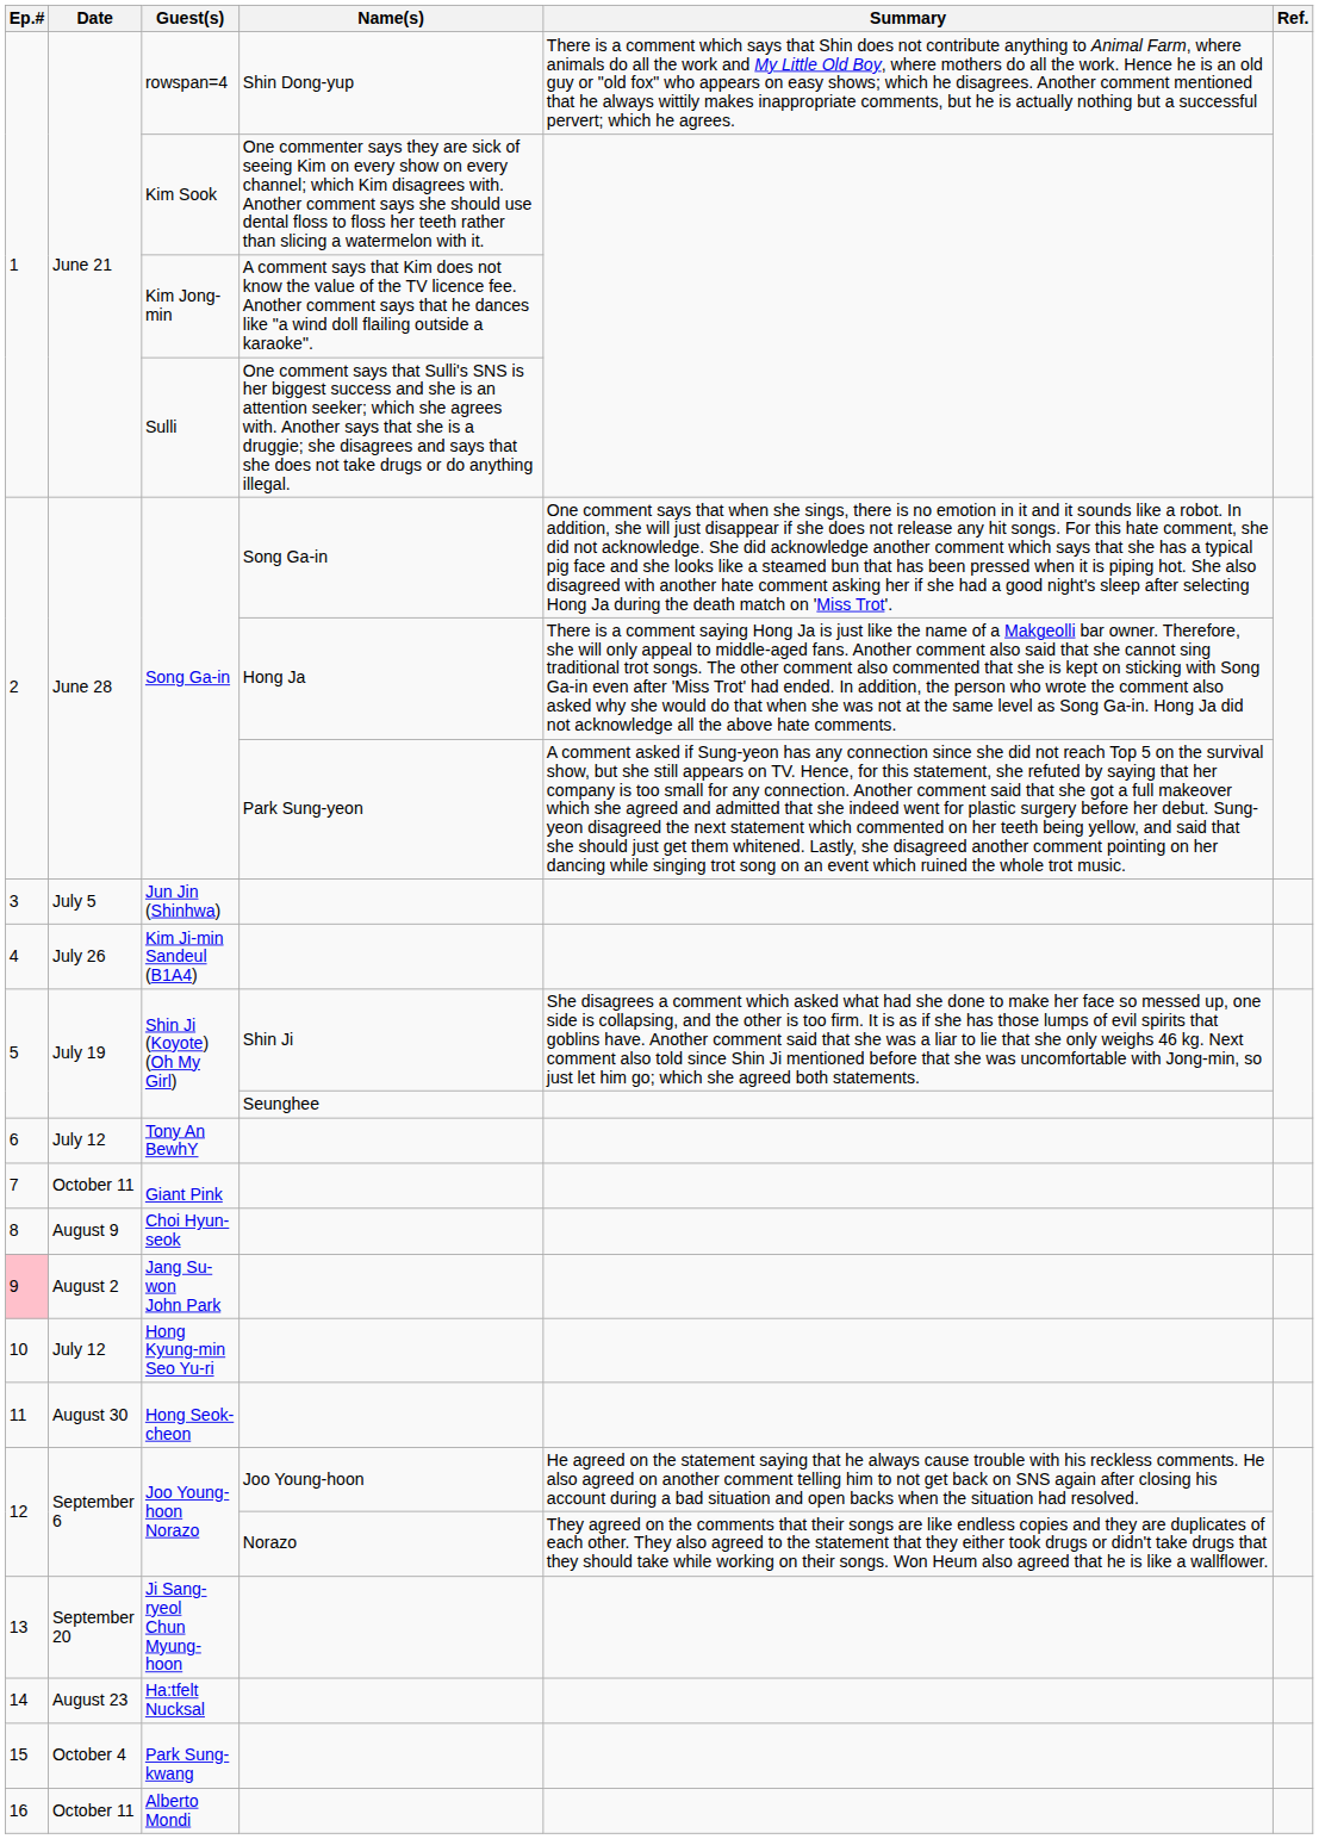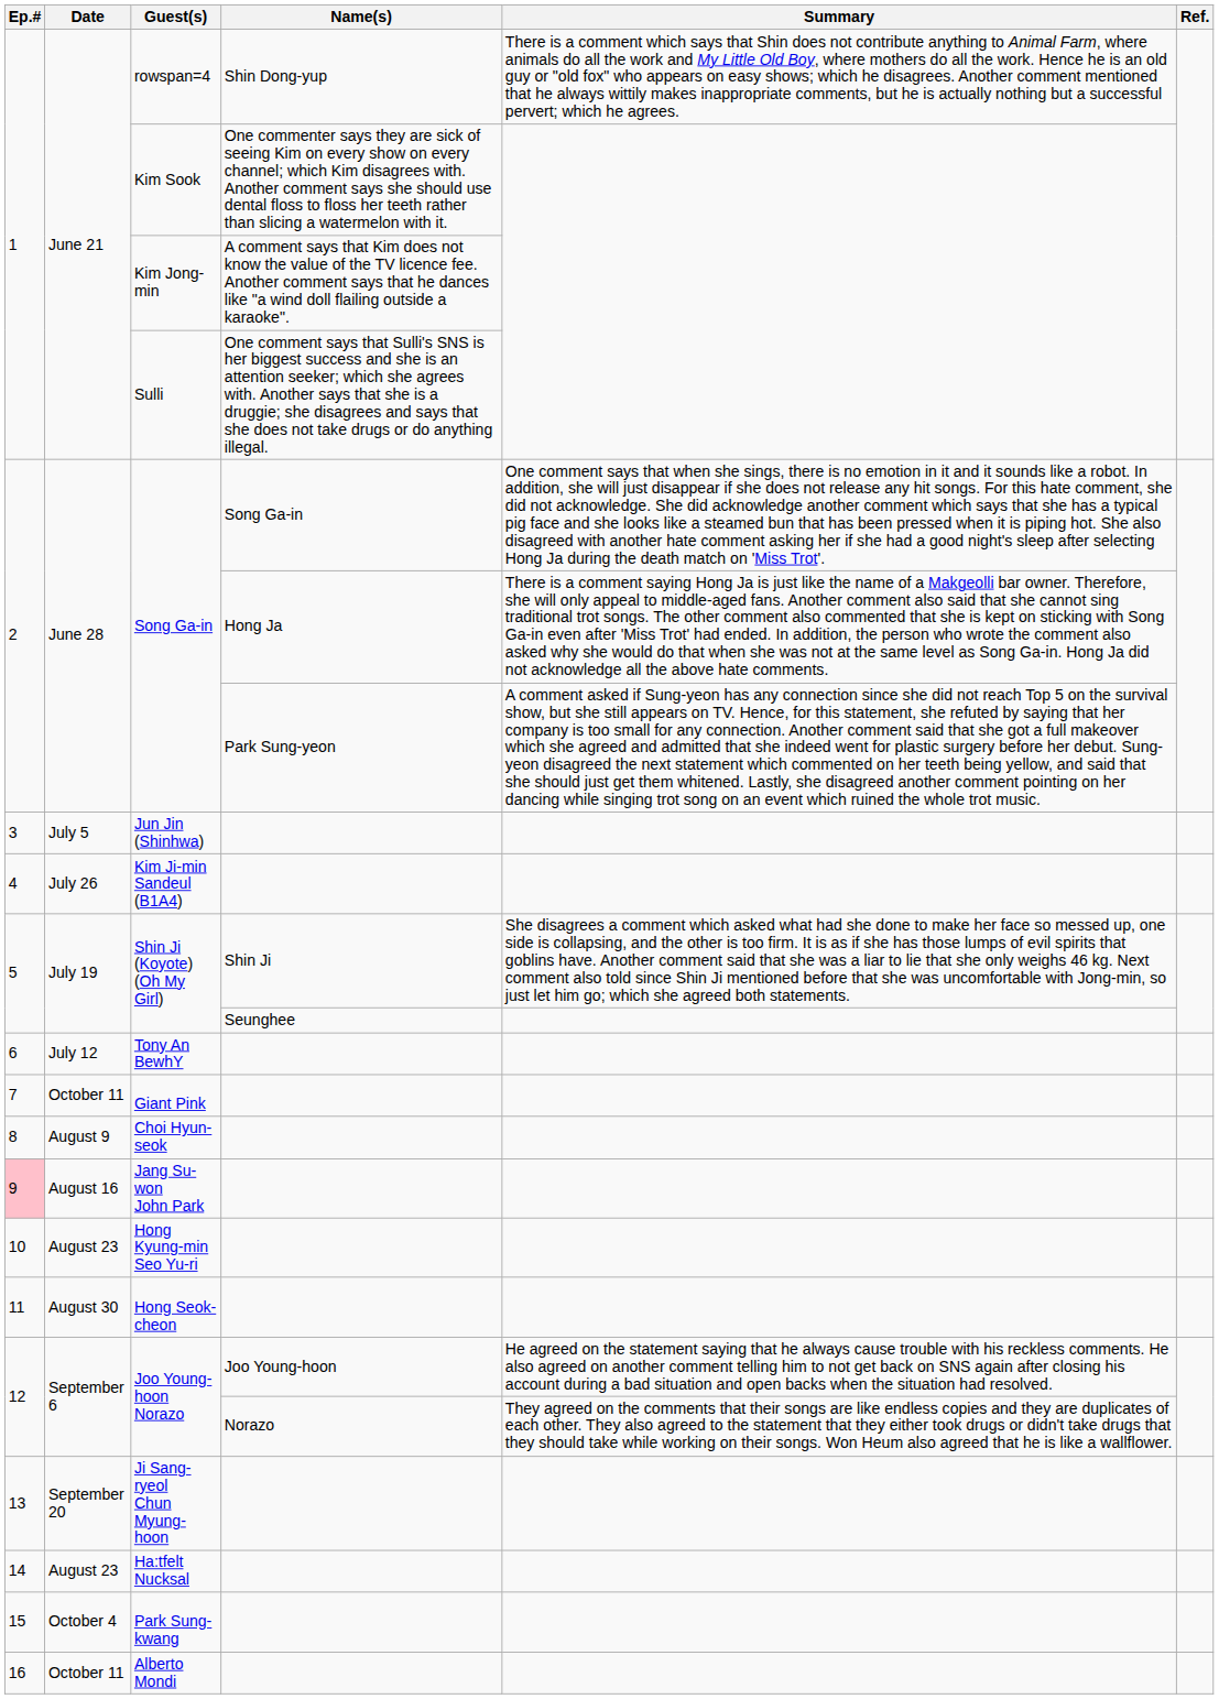 <table class="wikitable">
 <tr>
 <th>Ep.#</th>
 <th>Date</th>
 <th>Guest(s)</th>
 <th>Name(s)</th>
 <th>Summary</th>
 <th>Ref.</th>
 </tr>
 <tr>
 <td rowspan=4>1</td>
 <td rowspan=4>June 21</td>
 <td>rowspan=4 </td>
 <td>Shin Dong-yup</td>
 <td>There is a comment which says that Shin does not contribute anything to <em>Animal Farm</em>, where animals do all the work and <em><a href='#'>My Little Old Boy</a></em>, where mothers do all the work. Hence he is an old guy or "old fox" who appears on easy shows; which he disagrees. Another comment mentioned that he always wittily makes inappropriate comments, but he is actually nothing but a successful pervert; which he agrees.</td>
 <td rowspan=4></td>
 </tr>
 <tr>
 <td>Kim Sook</td>
 <td>One commenter says they are sick of seeing Kim on every show on every channel; which Kim disagrees with. Another comment says she should use dental floss to floss her teeth rather than slicing a watermelon with it.</td>
 </tr>
 <tr>
 <td>Kim Jong-min</td>
 <td>A comment says that Kim does not know the value of the TV licence fee. Another comment says that he dances like "a wind doll flailing outside a karaoke".</td>
 </tr>
 <tr>
 <td>Sulli</td>
 <td>One comment says that Sulli's SNS is her biggest success and she is an attention seeker; which she agrees with. Another says that she is a druggie; she disagrees and says that she does not take drugs or do anything illegal.</td>
 </tr>
 <tr>
 <td rowspan=3>2</td>
 <td rowspan=3>June 28</td>
 <td rowspan=3><a href='#'>Song Ga-in</a><br><br></td>
 <td>Song Ga-in</td>
 <td>One comment says that when she sings, there is no emotion in it and it sounds like a robot. In addition, she will just disappear if she does not release any hit songs. For this hate comment, she did not acknowledge. She did acknowledge another comment which says that she has a typical pig face and she looks like a steamed bun that has been pressed when it is piping hot. She also disagreed with another hate comment asking her if she had a good night's sleep after selecting Hong Ja during the death match on '<a href='#'>Miss Trot</a>'.</td>
 <td rowspan=3></td>
 </tr>
 <tr>
 <td>Hong Ja</td>
 <td>There is a comment saying Hong Ja is just like the name of a <a href='#'>Makgeolli</a> bar owner. Therefore, she will only appeal to middle-aged fans. Another comment also said that she cannot sing traditional trot songs. The other comment also commented that she is kept on sticking with Song Ga-in even after 'Miss Trot' had ended. In addition, the person who wrote the comment also asked why she would do that when she was not at the same level as Song Ga-in. Hong Ja did not acknowledge all the above hate comments.</td>
 </tr>
 <tr>
 <td>Park Sung-yeon</td>
 <td>A comment asked if Sung-yeon has any connection since she did not reach Top 5 on the survival show, but she still appears on TV. Hence, for this statement, she refuted by saying that her company is too small for any connection. Another comment said that she got a full makeover which she agreed and admitted that she indeed went for plastic surgery before her debut. Sung-yeon disagreed the next statement which commented on her teeth being yellow, and said that she should just get them whitened. Lastly, she disagreed another comment pointing on her dancing while singing trot song on an event which ruined the whole trot music.</td>
 </tr>
 <tr>
 <td>3</td>
 <td>July 5</td>
 <td><a href='#'>Jun Jin</a> (<a href='#'>Shinhwa</a>)<br></td>
 <td></td>
 <td></td>
 <td></td>
 </tr>
 <tr>
 <td>4</td>
 <td>July 26</td>
 <td><a href='#'>Kim Ji-min</a><br><a href='#'>Sandeul</a> (<a href='#'>B1A4</a>)</td>
 <td></td>
 <td></td>
 <td></td>
 </tr>
 <tr>
 <td rowspan=2>5</td>
 <td rowspan=2>July 19</td>
 <td rowspan=2><a href='#'>Shin Ji</a> (<a href='#'>Koyote</a>)<br> (<a href='#'>Oh My Girl</a>)</td>
 <td>Shin Ji</td>
 <td>She disagrees a comment which asked what had she done to make her face so messed up, one side is collapsing, and the other is too firm. It is as if she has those lumps of evil spirits that goblins have. Another comment said that she was a liar to lie that she only weighs 46 kg. Next comment also told since Shin Ji mentioned before that she was uncomfortable with Jong-min, so just let him go; which she agreed both statements.</td>
 <td rowspan=2></td>
 </tr>
 <tr>
 <td>Seunghee</td>
 <td></td>
 </tr>
 <tr>
 <td>6</td>
 <td>July 12</td>
 <td><a href='#'>Tony An</a><br><a href='#'>BewhY</a></td>
 <td></td>
 <td></td>
 <td></td>
 </tr>
 <tr>
 <td>7</td>
 <td>October 11</td>
 <td><br><a href='#'>Giant Pink</a></td>
 <td></td>
 <td></td>
 <td></td>
 </tr>
 <tr>
 <td>8</td>
 <td>August 9</td>
 <td><a href='#'>Choi Hyun-seok</a><br></td>
 <td></td>
 <td></td>
 <td></td>
 </tr>
 <tr>
 <td style="background: pink;">9</td>
-<td>August 2</td>
+<td>August 16</td>
 <td><a href='#'>Jang Su-won</a><br><a href='#'>John Park</a></td>
 <td></td>
 <td></td>
 <td></td>
 </tr>
 <tr>
 <td>10</td>
-<td>July 12</td>
+<td>August 23</td>
 <td><a href='#'>Hong Kyung-min</a><br><a href='#'>Seo Yu-ri</a></td>
 <td></td>
 <td></td>
 <td></td>
 </tr>
 <tr>
 <td>11</td>
 <td>August 30</td>
 <td><br><a href='#'>Hong Seok-cheon</a></td>
 <td></td>
 <td></td>
 <td></td>
 </tr>
 <tr>
 <td rowspan=2>12</td>
 <td rowspan=2>September 6</td>
 <td rowspan=2><a href='#'>Joo Young-hoon</a><br><a href='#'>Norazo</a></td>
 <td>Joo Young-hoon</td>
 <td>He agreed on the statement saying that he always cause trouble with his reckless comments. He also agreed on another comment telling him to not get back on SNS again after closing his account during a bad situation and open backs when the situation had resolved.</td>
 <td rowspan=2></td>
 </tr>
 <tr>
 <td>Norazo</td>
 <td>They agreed on the comments that their songs are like endless copies and they are duplicates of each other. They also agreed to the statement that they either took drugs or didn't take drugs that they should take while working on their songs. Won Heum also agreed that he is like a wallflower.</td>
 </tr>
 <tr>
 <td>13</td>
 <td>September 20</td>
 <td><a href='#'>Ji Sang-ryeol</a><br><a href='#'>Chun Myung-hoon</a></td>
 <td></td>
 <td></td>
 <td></td>
 </tr>
 <tr>
 <td>14</td>
 <td>August 23</td>
 <td><a href='#'>Ha:tfelt</a><br><a href='#'>Nucksal</a></td>
 <td></td>
 <td></td>
 <td></td>
 </tr>
 <tr>
 <td>15</td>
 <td>October 4</td>
 <td><br><a href='#'>Park Sung-kwang</a></td>
 <td></td>
 <td></td>
 <td></td>
 </tr>
 <tr>
 <td>16</td>
 <td>October 11</td>
 <td><a href='#'>Alberto Mondi</a><br></td>
 <td></td>
 <td></td>
 <td></td>
 </tr>
 </table>
